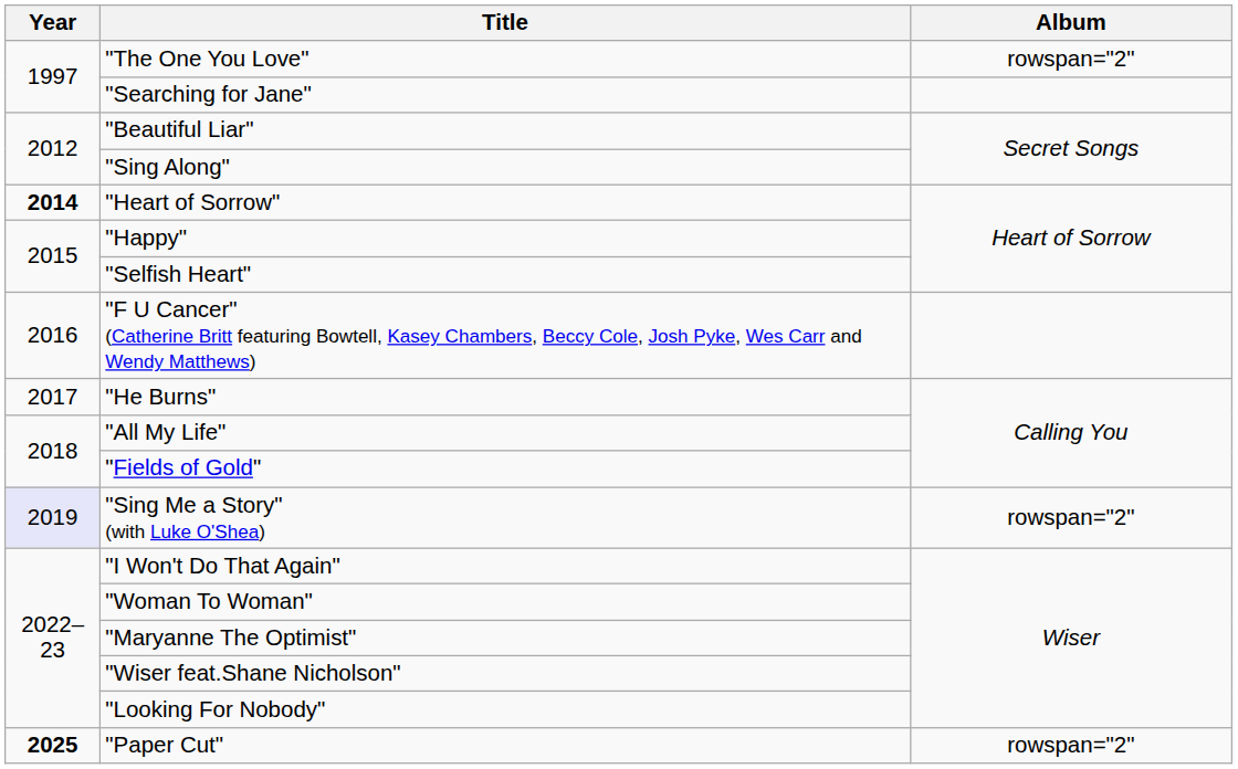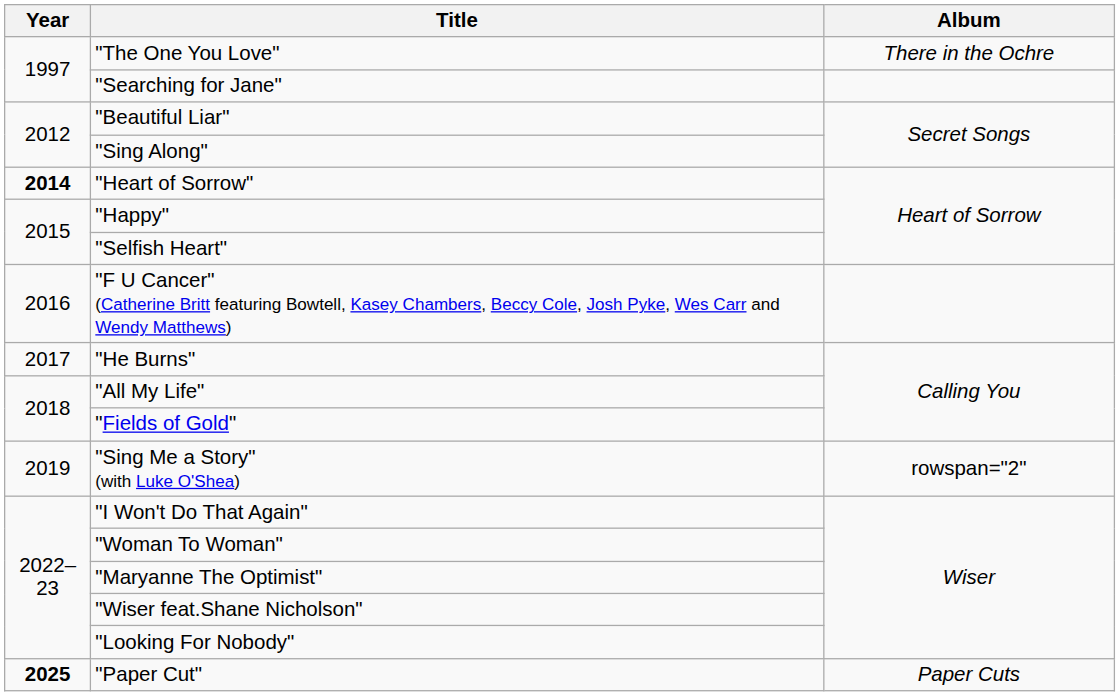 <table class="wikitable" style="text-align:center;">
 <tr>
 <th scope="col">Year</th>
 <th scope="col">Title</th>
 <th scope="col" width="220">Album</th>
 </tr>
 <tr>
 <td rowspan="2">1997</td>
 <td style="text-align:left">"The One You Love"</td>
-<td>rowspan="2" </td>
+<td><em>There in the Ochre</em></td>
 </tr>
 <tr>
 <td style="text-align:left">"Searching for Jane"</td>
 </tr>
 <tr>
 <td rowspan="2">2012</td>
 <td style="text-align:left">"Beautiful Liar"</td>
 <td rowspan="2"><em>Secret Songs</em></td>
 </tr>
 <tr>
 <td style="text-align:left">"Sing Along"</td>
 </tr>
 <tr>
 <td><strong>2014</strong></td>
 <td style="text-align:left">"Heart of Sorrow"</td>
 <td rowspan="3"><em>Heart of Sorrow</em></td>
 </tr>
 <tr>
 <td rowspan="2">2015</td>
 <td style="text-align:left">"Happy"</td>
 </tr>
 <tr>
 <td style="text-align:left">"Selfish Heart"</td>
 </tr>
 <tr>
 <td>2016</td>
 <td style="text-align:left">"F U Cancer"<br><small>(<a href='#'>Catherine Britt</a> featuring Bowtell, <a href='#'>Kasey Chambers</a>, <a href='#'>Beccy Cole</a>, <a href='#'>Josh Pyke</a>, <a href='#'>Wes Carr</a> and <a href='#'>Wendy Matthews</a>)</small></td>
 <td></td>
 </tr>
 <tr>
 <td>2017</td>
 <td style="text-align:left">"He Burns"</td>
 <td rowspan="3"><em>Calling You</em></td>
 </tr>
 <tr>
 <td rowspan="2">2018</td>
 <td style="text-align:left">"All My Life"</td>
 </tr>
 <tr>
 <td style="text-align:left">"<a href='#'>Fields of Gold</a>"</td>
 </tr>
 <tr>
-<td style="background: lavender;">2019</td>
+<td>2019</td>
 <td style="text-align:left">"Sing Me a Story"<br><small>(with <a href='#'>Luke O'Shea</a>)</small></td>
 <td>rowspan="2" </td>
 </tr>
 <tr>
 <td rowspan="5">2022–23</td>
 <td style="text-align:left">"I Won't Do That Again"</td>
 <td rowspan="5"><em>Wiser</em></td>
 </tr>
 <tr>
 <td style="text-align:left">"Woman To Woman"</td>
 </tr>
 <tr>
 <td style="text-align:left">"Maryanne The Optimist"</td>
 </tr>
 <tr>
 <td style="text-align:left">"Wiser feat.Shane Nicholson"</td>
 </tr>
 <tr>
 <td style="text-align:left">"Looking For Nobody"</td>
 </tr>
 <tr>
 <td><strong>2025</strong></td>
 <td style="text-align:left">"Paper Cut"<br><small></small></td>
-<td>rowspan="2" </td>
+<td><em>Paper Cuts</em></td>
 </tr>
 </table>
